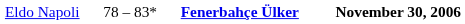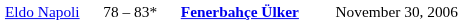 <table style="text-align:center">
 <tr>
 <th width=160></th>
 <th width=100></th>
 <th width=160></th>
 <th width=200></th>
 </tr>
 <tr>
 <td align=right><a href='#'>Eldo Napoli</a> </td>
 <td>78 – 83*</td>
 <td align=left> <strong><a href='#'>Fenerbahçe Ülker</a></strong></td>
-<td align=left><strong>November 30, 2006</strong></td>
+<td align=left>November 30, 2006</td>
 </tr>
 </table>
